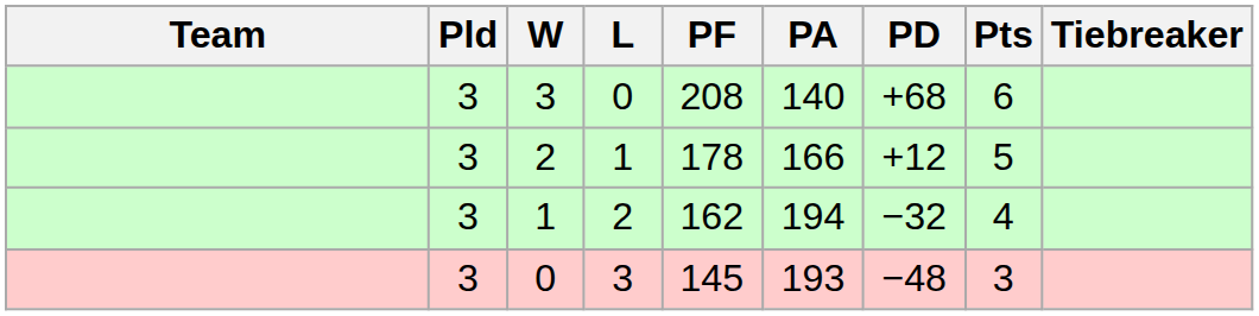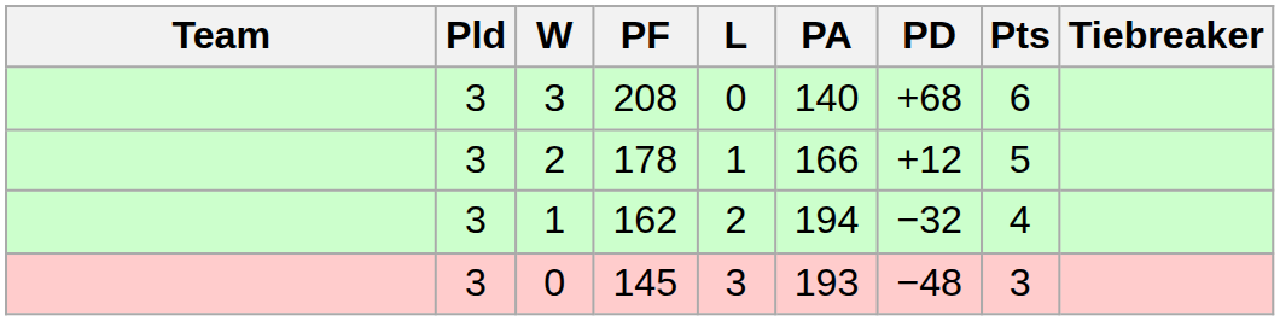 <table class="wikitable" style="text-align:center;">
 <tr>
 <th width=170>Team</th>
 <th width=25>Pld</th>
 <th width=25>W</th>
+<th width=35>PF</th>
 <th width=25>L</th>
-<th width=35>PF</th>
 <th width=35>PA</th>
 <th width=35>PD</th>
 <th width=25>Pts</th>
 <th width=50>Tiebreaker</th>
 </tr>
 <tr bgcolor=ccffcc>
 <td align="left"></td>
 <td>3</td>
 <td>3</td>
+<td>208</td>
 <td>0</td>
-<td>208</td>
 <td>140</td>
 <td>+68</td>
 <td>6</td>
 <td></td>
 </tr>
 <tr bgcolor=ccffcc>
 <td align="left"></td>
 <td>3</td>
 <td>2</td>
+<td>178</td>
 <td>1</td>
-<td>178</td>
 <td>166</td>
 <td>+12</td>
 <td>5</td>
 <td></td>
 </tr>
 <tr bgcolor=ccffcc>
 <td align="left"></td>
 <td>3</td>
 <td>1</td>
+<td>162</td>
 <td>2</td>
-<td>162</td>
 <td>194</td>
 <td>−32</td>
 <td>4</td>
 <td></td>
 </tr>
 <tr bgcolor=ffcccc>
 <td align="left"></td>
 <td>3</td>
 <td>0</td>
+<td>145</td>
 <td>3</td>
-<td>145</td>
 <td>193</td>
 <td>−48</td>
 <td>3</td>
 <td></td>
 </tr>
 </table>
